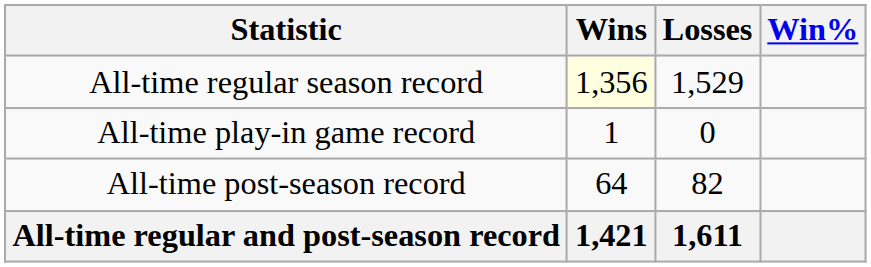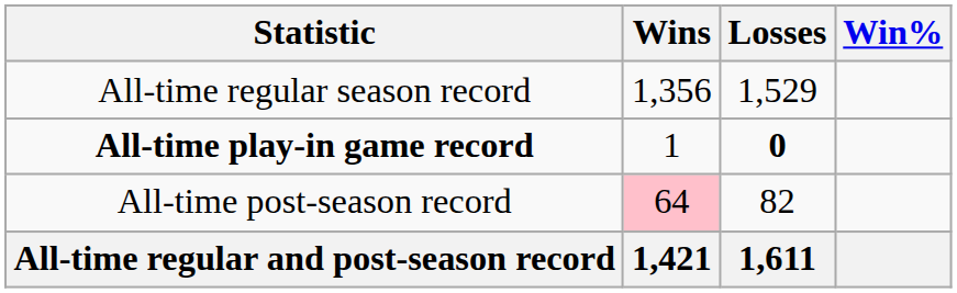 <table class="wikitable" style="text-align:center;">
 <tr>
 <th>Statistic</th>
 <th>Wins</th>
 <th>Losses</th>
 <th><a href='#'>Win%</a></th>
 </tr>
 <tr>
 <td>All-time regular season record</td>
-<td style="background: lightyellow;">1,356</td>
+<td>1,356</td>
 <td>1,529</td>
 <td></td>
 </tr>
 <tr>
-<td>All-time play-in game record</td>
+<td><strong>All-time play-in game record</strong></td>
 <td>1</td>
-<td>0</td>
+<td><strong>0</strong></td>
 <td></td>
 </tr>
 <tr>
 <td>All-time post-season record</td>
-<td>64</td>
+<td style="background: pink;">64</td>
 <td>82</td>
 <td></td>
 </tr>
 <tr>
 <th><strong>All-time regular and post-season record</strong></th>
 <th><strong>1,421</strong></th>
 <th><strong>1,611</strong></th>
 <th><strong></strong></th>
 </tr>
 </table>
